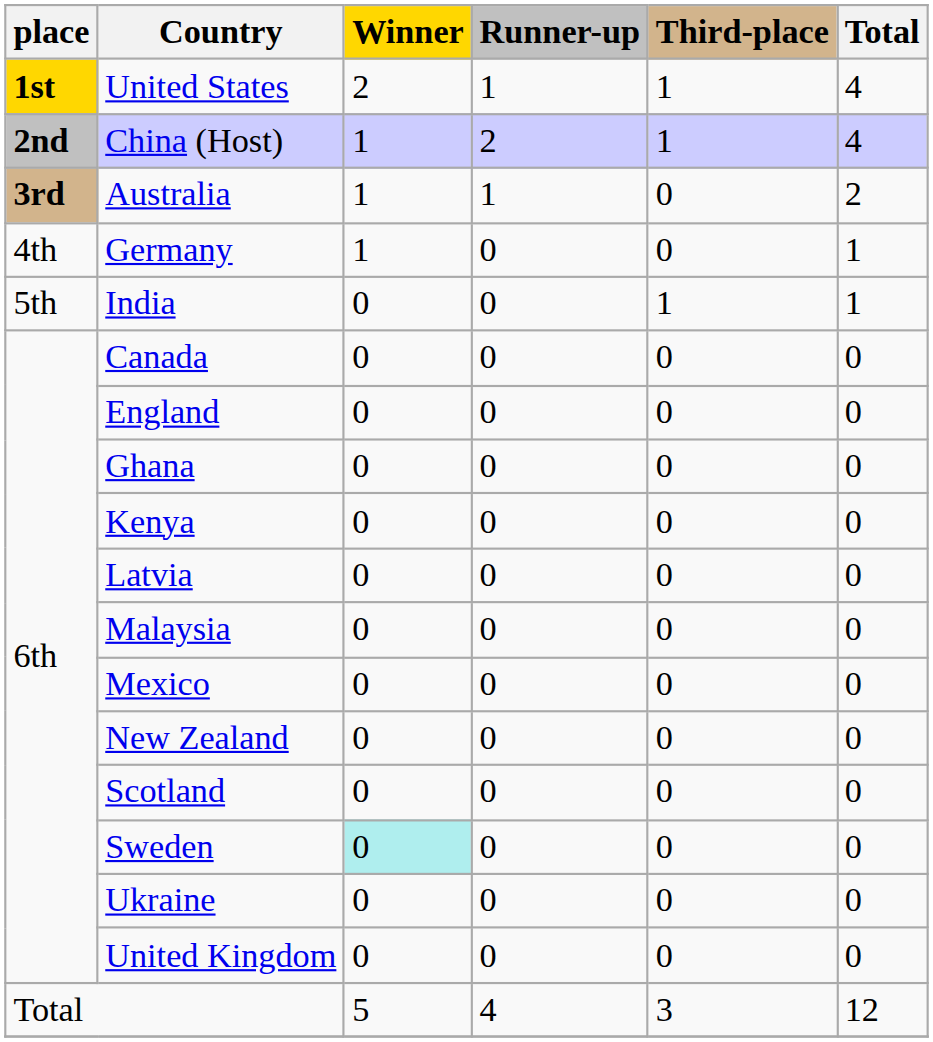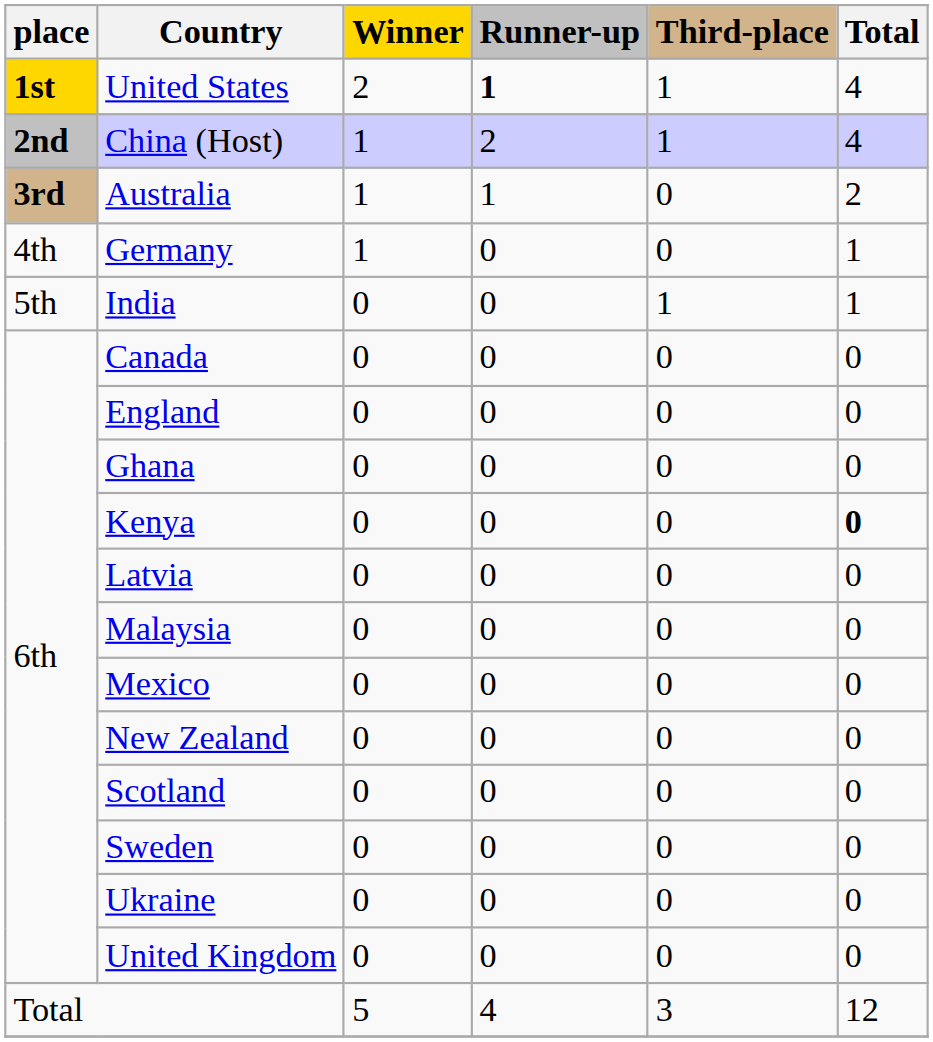 <table class="wikitable sortable" style="margin:auto;"style="align:right;">
 <tr>
 <th>place</th>
 <th>Country</th>
 <td bgcolor="gold"><strong>Winner</strong></td>
 <td bgcolor="silver"><strong>Runner-up</strong></td>
 <td bgcolor="tan"><strong>Third-place</strong></td>
 <th>Total</th>
 </tr>
 <tr>
 <td bgcolor="gold"><strong>1st</strong></td>
 <td><a href='#'>United States</a></td>
 <td>2</td>
-<td>1</td>
+<td><strong>1</strong></td>
 <td>1</td>
 <td>4</td>
 </tr>
 <tr>
 <td bgcolor="silver"><strong>2nd</strong></td>
 <td scope="row" align=left style="background-color:#ccccff"><a href='#'>China</a> (Host)</td>
 <td scope="row" align=left style="background-color:#ccccff">1</td>
 <td scope="row" align=left style="background-color:#ccccff">2</td>
 <td scope="row" align=left style="background-color:#ccccff">1</td>
 <td scope="row" align=left style="background-color:#ccccff">4</td>
 </tr>
 <tr>
 <td bgcolor="tan"><strong>3rd</strong></td>
 <td><a href='#'>Australia</a></td>
 <td>1</td>
 <td>1</td>
 <td>0</td>
 <td>2</td>
 </tr>
 <tr>
 <td>4th</td>
 <td><a href='#'>Germany</a></td>
 <td>1</td>
 <td>0</td>
 <td>0</td>
 <td>1</td>
 </tr>
 <tr>
 <td>5th</td>
 <td><a href='#'>India</a></td>
 <td>0</td>
 <td>0</td>
 <td>1</td>
 <td>1</td>
 </tr>
 <tr>
 <td rowspan="12">6th</td>
 <td><a href='#'>Canada</a></td>
 <td>0</td>
 <td>0</td>
 <td>0</td>
 <td>0</td>
 </tr>
 <tr>
 <td><a href='#'>England</a></td>
 <td>0</td>
 <td>0</td>
 <td>0</td>
 <td>0</td>
 </tr>
 <tr>
 <td><a href='#'>Ghana</a></td>
 <td>0</td>
 <td>0</td>
 <td>0</td>
 <td>0</td>
 </tr>
 <tr>
 <td><a href='#'>Kenya</a></td>
 <td>0</td>
 <td>0</td>
 <td>0</td>
-<td>0</td>
+<td><strong>0</strong></td>
 </tr>
 <tr>
 <td><a href='#'>Latvia</a></td>
 <td>0</td>
 <td>0</td>
 <td>0</td>
 <td>0</td>
 </tr>
 <tr>
 <td><a href='#'>Malaysia</a></td>
 <td>0</td>
 <td>0</td>
 <td>0</td>
 <td>0</td>
 </tr>
 <tr>
 <td><a href='#'>Mexico</a></td>
 <td>0</td>
 <td>0</td>
 <td>0</td>
 <td>0</td>
 </tr>
 <tr>
 <td><a href='#'>New Zealand</a></td>
 <td>0</td>
 <td>0</td>
 <td>0</td>
 <td>0</td>
 </tr>
 <tr>
 <td><a href='#'>Scotland</a></td>
 <td>0</td>
 <td>0</td>
 <td>0</td>
 <td>0</td>
 </tr>
 <tr>
 <td><a href='#'>Sweden</a></td>
-<td style="background: paleturquoise;">0</td>
+<td>0</td>
 <td>0</td>
 <td>0</td>
 <td>0</td>
 </tr>
 <tr>
 <td><a href='#'>Ukraine</a></td>
 <td>0</td>
 <td>0</td>
 <td>0</td>
 <td>0</td>
 </tr>
 <tr>
 <td><a href='#'>United Kingdom</a></td>
 <td>0</td>
 <td>0</td>
 <td>0</td>
 <td>0</td>
 </tr>
 <tr>
 <td colspan="2">Total</td>
 <td>5</td>
 <td>4</td>
 <td>3</td>
 <td>12</td>
 </tr>
 <tr>
 </tr>
 </table>
